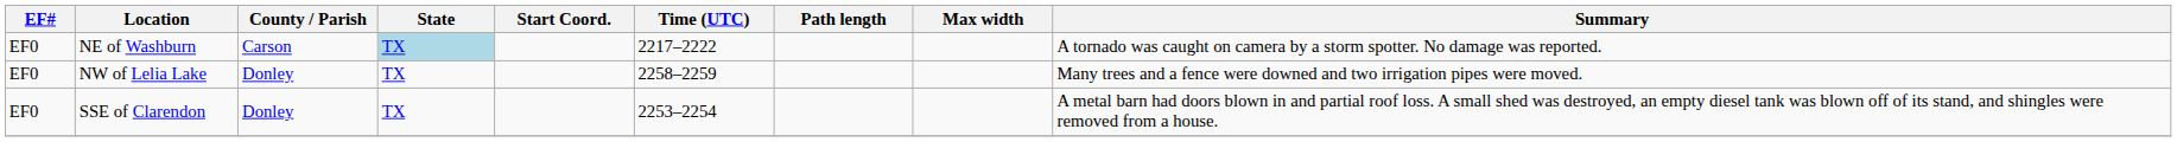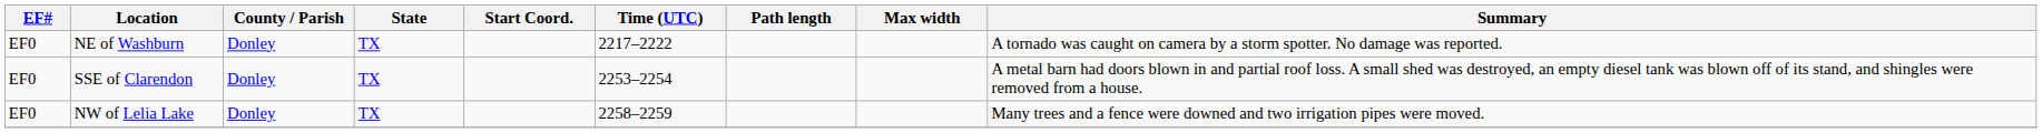 <table class="wikitable sortable" style="width:100%;">
 <tr>
 <th scope="col" width="3%" align="center"><a href='#'>EF#</a></th>
 <th scope="col" width="7%" align="center" class="unsortable">Location</th>
 <th scope="col" width="6%" align="center" class="unsortable">County / Parish</th>
 <th scope="col" width="5%" align="center">State</th>
 <th scope="col" width="6%" align="center">Start Coord.</th>
 <th scope="col" width="6%" align="center">Time (<a href='#'>UTC</a>)</th>
 <th scope="col" width="6%" align="center">Path length</th>
 <th scope="col" width="6%" align="center">Max width</th>
 <th scope="col" width="48%" class="unsortable" align="center">Summary</th>
 </tr>
 <tr>
 <td>EF0</td>
 <td>NE of <a href='#'>Washburn</a></td>
-<td><a href='#'>Carson</a></td>
-<td style="background: lightblue;"><a href='#'>TX</a></td>
+<td><a href='#'>Donley</a></td>
+<td><a href='#'>TX</a></td>
 <td></td>
 <td>2217–2222</td>
 <td></td>
 <td></td>
 <td>A tornado was caught on camera by a storm spotter. No damage was reported.</td>
+</tr>
+<tr>
+<td>EF0</td>
+<td>SSE of <a href='#'>Clarendon</a></td>
+<td><a href='#'>Donley</a></td>
+<td><a href='#'>TX</a></td>
+<td></td>
+<td>2253–2254</td>
+<td></td>
+<td></td>
+<td>A metal barn had doors blown in and partial roof loss. A small shed was destroyed, an empty diesel tank was blown off of its stand, and shingles were removed from a house.</td>
 </tr>
 <tr>
 <td>EF0</td>
 <td>NW of <a href='#'>Lelia Lake</a></td>
 <td><a href='#'>Donley</a></td>
 <td><a href='#'>TX</a></td>
 <td></td>
 <td>2258–2259</td>
 <td></td>
 <td></td>
 <td>Many trees and a fence were downed and two irrigation pipes were moved.</td>
 </tr>
 <tr>
-<td>EF0</td>
-<td>SSE of <a href='#'>Clarendon</a></td>
-<td><a href='#'>Donley</a></td>
-<td><a href='#'>TX</a></td>
-<td></td>
-<td>2253–2254</td>
-<td></td>
-<td></td>
-<td>A metal barn had doors blown in and partial roof loss. A small shed was destroyed, an empty diesel tank was blown off of its stand, and shingles were removed from a house.</td>
-</tr>
-<tr>
 </tr>
 </table>
